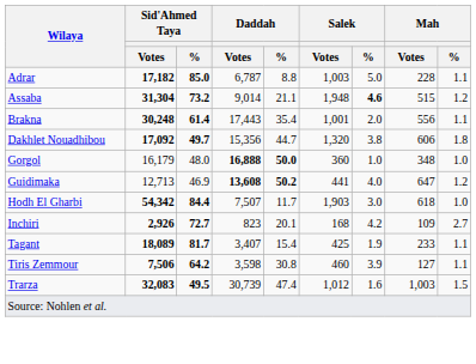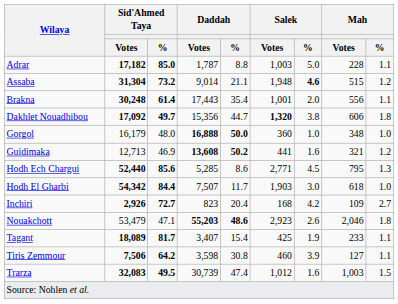 <table class="wikitable sortable" style="text-align:right; font-size:95%; line-height:20px">
 <tr>
 <th width="150" rowspan="3"><a href='#'>Wilaya</a></th>
 <th width="110" colspan="2">Sid'Ahmed Taya</th>
 <th width="110" colspan="2">Daddah</th>
 <th width="110" colspan="2">Salek</th>
 <th width="110" colspan="2">Mah</th>
 </tr>
 <tr>
 <th colspan="2" style="background:"></th>
 <th colspan="2" style="background:"></th>
 <th colspan="2" style="background:"></th>
 <th colspan="2" style="background:"></th>
 </tr>
 <tr>
 <th>Votes</th>
 <th>%</th>
 <th>Votes</th>
 <th>%</th>
 <th>Votes</th>
 <th>%</th>
 <th>Votes</th>
 <th>%</th>
 </tr>
 <tr>
 <td align="left"><a href='#'>Adrar</a></td>
 <td><strong>17,182</strong></td>
 <td><strong>85.0</strong></td>
-<td>6,787</td>
+<td>1,787</td>
 <td>8.8</td>
 <td>1,003</td>
 <td>5.0</td>
 <td>228</td>
 <td>1.1</td>
 </tr>
 <tr>
 <td align="left"><a href='#'>Assaba</a></td>
 <td><strong>31,304</strong></td>
 <td><strong>73.2</strong></td>
 <td>9,014</td>
 <td>21.1</td>
 <td>1,948</td>
 <td><strong>4.6</strong></td>
 <td>515</td>
 <td>1.2</td>
 </tr>
 <tr>
 <td align="left"><a href='#'>Brakna</a></td>
 <td><strong>30,248</strong></td>
 <td><strong>61.4</strong></td>
 <td>17,443</td>
 <td>35.4</td>
 <td>1,001</td>
 <td>2.0</td>
 <td>556</td>
 <td>1.1</td>
 </tr>
 <tr>
 <td align="left"><a href='#'>Dakhlet Nouadhibou</a></td>
 <td><strong>17,092</strong></td>
 <td><strong>49.7</strong></td>
 <td>15,356</td>
 <td>44.7</td>
-<td>1,320</td>
+<td><strong>1,320</strong></td>
 <td>3.8</td>
 <td>606</td>
 <td>1.8</td>
 </tr>
 <tr>
 <td align="left"><a href='#'>Gorgol</a></td>
 <td>16,179</td>
 <td>48.0</td>
 <td><strong>16,888</strong></td>
 <td><strong>50.0</strong></td>
 <td>360</td>
 <td>1.0</td>
 <td>348</td>
 <td>1.0</td>
 </tr>
 <tr>
 <td align="left"><a href='#'>Guidimaka</a></td>
 <td>12,713</td>
 <td>46.9</td>
 <td><strong>13,608</strong></td>
 <td><strong>50.2</strong></td>
 <td>441</td>
-<td>4.0</td>
-<td>647</td>
+<td>1.6</td>
+<td>321</td>
 <td>1.2</td>
+</tr>
+<tr>
+<td align="left"><a href='#'>Hodh Ech Chargui</a></td>
+<td><strong>52,440</strong></td>
+<td><strong>85.6</strong></td>
+<td>5,285</td>
+<td>8.6</td>
+<td>2,771</td>
+<td>4.5</td>
+<td>795</td>
+<td>1.3</td>
 </tr>
 <tr>
 <td align="left"><a href='#'>Hodh El Gharbi</a></td>
 <td><strong>54,342</strong></td>
 <td><strong>84.4</strong></td>
 <td>7,507</td>
 <td>11.7</td>
 <td>1,903</td>
 <td>3.0</td>
 <td>618</td>
 <td>1.0</td>
 </tr>
 <tr>
 <td align="left"><a href='#'>Inchiri</a></td>
 <td><strong>2,926</strong></td>
 <td><strong>72.7</strong></td>
 <td>823</td>
-<td>20.1</td>
+<td>20.4</td>
 <td>168</td>
 <td>4.2</td>
 <td>109</td>
 <td>2.7</td>
+</tr>
+<tr>
+<td align="left"><a href='#'>Nouakchott</a></td>
+<td>53,479</td>
+<td>47.1</td>
+<td><strong>55,203</strong></td>
+<td><strong>48.6</strong></td>
+<td>2,923</td>
+<td>2.6</td>
+<td>2,046</td>
+<td>1.8</td>
 </tr>
 <tr>
 <td align="left"><a href='#'>Tagant</a></td>
 <td><strong>18,089</strong></td>
 <td><strong>81.7</strong></td>
 <td>3,407</td>
 <td>15.4</td>
 <td>425</td>
 <td>1.9</td>
 <td>233</td>
 <td>1.1</td>
 </tr>
 <tr>
 <td align="left"><a href='#'>Tiris Zemmour</a></td>
 <td><strong>7,506</strong></td>
 <td><strong>64.2</strong></td>
 <td>3,598</td>
 <td>30.8</td>
 <td>460</td>
 <td>3.9</td>
 <td>127</td>
 <td>1.1</td>
 </tr>
 <tr>
 <td align="left"><a href='#'>Trarza</a></td>
 <td><strong>32,083</strong></td>
 <td><strong>49.5</strong></td>
 <td>30,739</td>
 <td>47.4</td>
 <td>1,012</td>
 <td>1.6</td>
 <td>1,003</td>
 <td>1.5</td>
 </tr>
 <tr class="sortbottom">
 <td colspan="9" style="text-align:left; background-color:#eaecf0">Source: Nohlen <em>et al.</em></td>
 </tr>
 </table>
